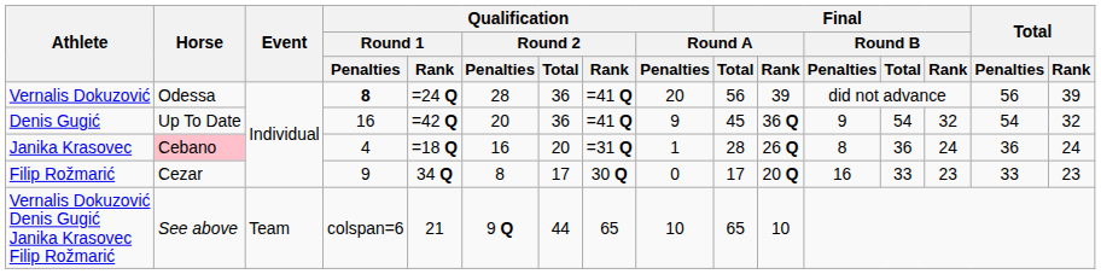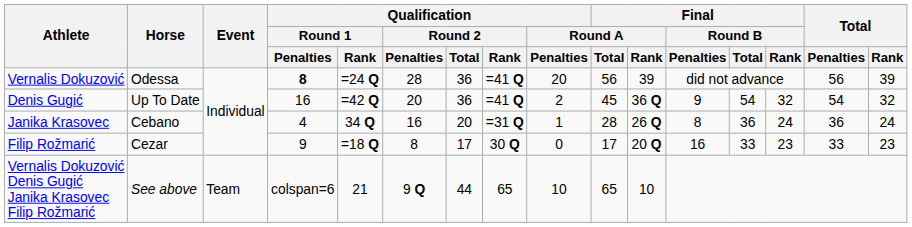 <table class="wikitable" style="font-size:90%">
 <tr>
 <th rowspan="3">Athlete</th>
 <th rowspan="3">Horse</th>
 <th rowspan="3">Event</th>
 <th colspan="6">Qualification</th>
 <th colspan="5">Final</th>
 <th rowspan=2 colspan="2">Total</th>
 </tr>
 <tr style="font-size:95%">
 <th colspan="2">Round 1</th>
 <th colspan="3">Round 2</th>
 <th colspan="3">Round A</th>
 <th colspan="3">Round B</th>
 </tr>
 <tr style="font-size:95%">
 <th>Penalties</th>
 <th>Rank</th>
 <th>Penalties</th>
 <th>Total</th>
 <th>Rank</th>
 <th>Penalties</th>
 <th>Total</th>
 <th>Rank</th>
 <th>Penalties</th>
 <th>Total</th>
 <th>Rank</th>
 <th>Penalties</th>
 <th>Rank</th>
 </tr>
 <tr align=center>
 <td align=left><a href='#'>Vernalis Dokuzović</a></td>
 <td align=left>Odessa</td>
 <td align=left rowspan=4>Individual</td>
 <td><strong>8</strong></td>
 <td>=24 <strong>Q</strong></td>
 <td>28</td>
 <td>36</td>
 <td>=41 <strong>Q</strong></td>
 <td>20</td>
 <td>56</td>
 <td>39</td>
 <td colspan=3>did not advance</td>
 <td>56</td>
 <td>39</td>
 </tr>
 <tr align=center>
 <td align=left><a href='#'>Denis Gugić</a></td>
 <td align=left>Up To Date</td>
 <td>16</td>
 <td>=42 <strong>Q</strong></td>
 <td>20</td>
 <td>36</td>
 <td>=41 <strong>Q</strong></td>
-<td>9</td>
+<td>2</td>
 <td>45</td>
 <td>36 <strong>Q</strong></td>
 <td>9</td>
 <td>54</td>
 <td>32</td>
 <td>54</td>
 <td>32</td>
 </tr>
 <tr align=center>
 <td align=left><a href='#'>Janika Krasovec</a></td>
-<td align=left style="background: pink;">Cebano</td>
+<td align=left>Cebano</td>
 <td>4</td>
-<td>=18 <strong>Q</strong></td>
+<td>34 <strong>Q</strong></td>
 <td>16</td>
 <td>20</td>
 <td>=31 <strong>Q</strong></td>
 <td>1</td>
 <td>28</td>
 <td>26 <strong>Q</strong></td>
 <td>8</td>
 <td>36</td>
 <td>24</td>
 <td>36</td>
 <td>24</td>
 </tr>
 <tr align=center>
 <td align=left><a href='#'>Filip Rožmarić</a></td>
 <td align=left>Cezar</td>
 <td>9</td>
-<td>34 <strong>Q</strong></td>
+<td>=18 <strong>Q</strong></td>
 <td>8</td>
 <td>17</td>
 <td>30 <strong>Q</strong></td>
 <td>0</td>
 <td>17</td>
 <td>20 <strong>Q</strong></td>
 <td>16</td>
 <td>33</td>
 <td>23</td>
 <td>33</td>
 <td>23</td>
 </tr>
 <tr align=center>
 <td align=left><a href='#'>Vernalis Dokuzović</a><br><a href='#'>Denis Gugić</a><br><a href='#'>Janika Krasovec</a><br><a href='#'>Filip Rožmarić</a></td>
 <td align=left><em>See above</em></td>
 <td align=left>Team</td>
 <td>colspan=6 </td>
 <td>21</td>
 <td>9 <strong>Q</strong></td>
 <td>44</td>
 <td>65</td>
 <td>10</td>
 <td>65</td>
 <td>10</td>
 </tr>
 </table>
